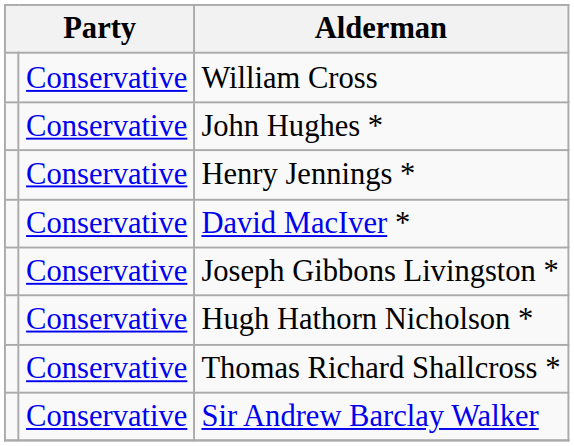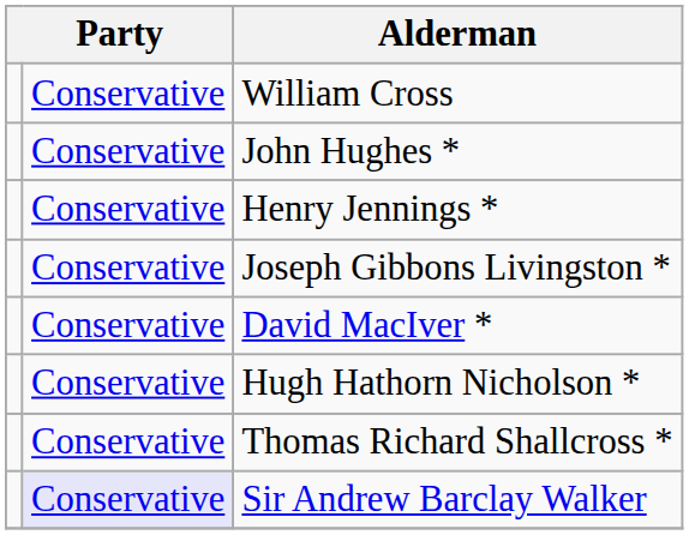 <table class="wikitable">
 <tr>
 <th colspan="2">Party</th>
 <th>Alderman</th>
 </tr>
 <tr>
 <td style="background-color:"></td>
 <td><a href='#'>Conservative</a></td>
 <td>William Cross</td>
 </tr>
 <tr>
 <td style="background-color:"></td>
 <td><a href='#'>Conservative</a></td>
 <td>John Hughes *</td>
 </tr>
 <tr>
 <td style="background-color:"></td>
 <td><a href='#'>Conservative</a></td>
 <td>Henry Jennings *</td>
 </tr>
 <tr>
 <td style="background-color:"></td>
 <td><a href='#'>Conservative</a></td>
-<td><a href='#'>David MacIver</a> *</td>
+<td>Joseph Gibbons Livingston *</td>
 </tr>
 <tr>
 <td style="background-color:"></td>
 <td><a href='#'>Conservative</a></td>
-<td>Joseph Gibbons Livingston *</td>
+<td><a href='#'>David MacIver</a> *</td>
 </tr>
 <tr>
 <td style="background-color:"></td>
 <td><a href='#'>Conservative</a></td>
 <td>Hugh Hathorn Nicholson *</td>
 </tr>
 <tr>
 <td style="background-color:"></td>
 <td><a href='#'>Conservative</a></td>
 <td>Thomas Richard Shallcross *</td>
 </tr>
 <tr>
 <td style="background-color:"></td>
-<td><a href='#'>Conservative</a></td>
+<td style="background: lavender;"><a href='#'>Conservative</a></td>
 <td><a href='#'>Sir Andrew Barclay Walker</a></td>
 </tr>
 <tr>
 </tr>
 </table>
